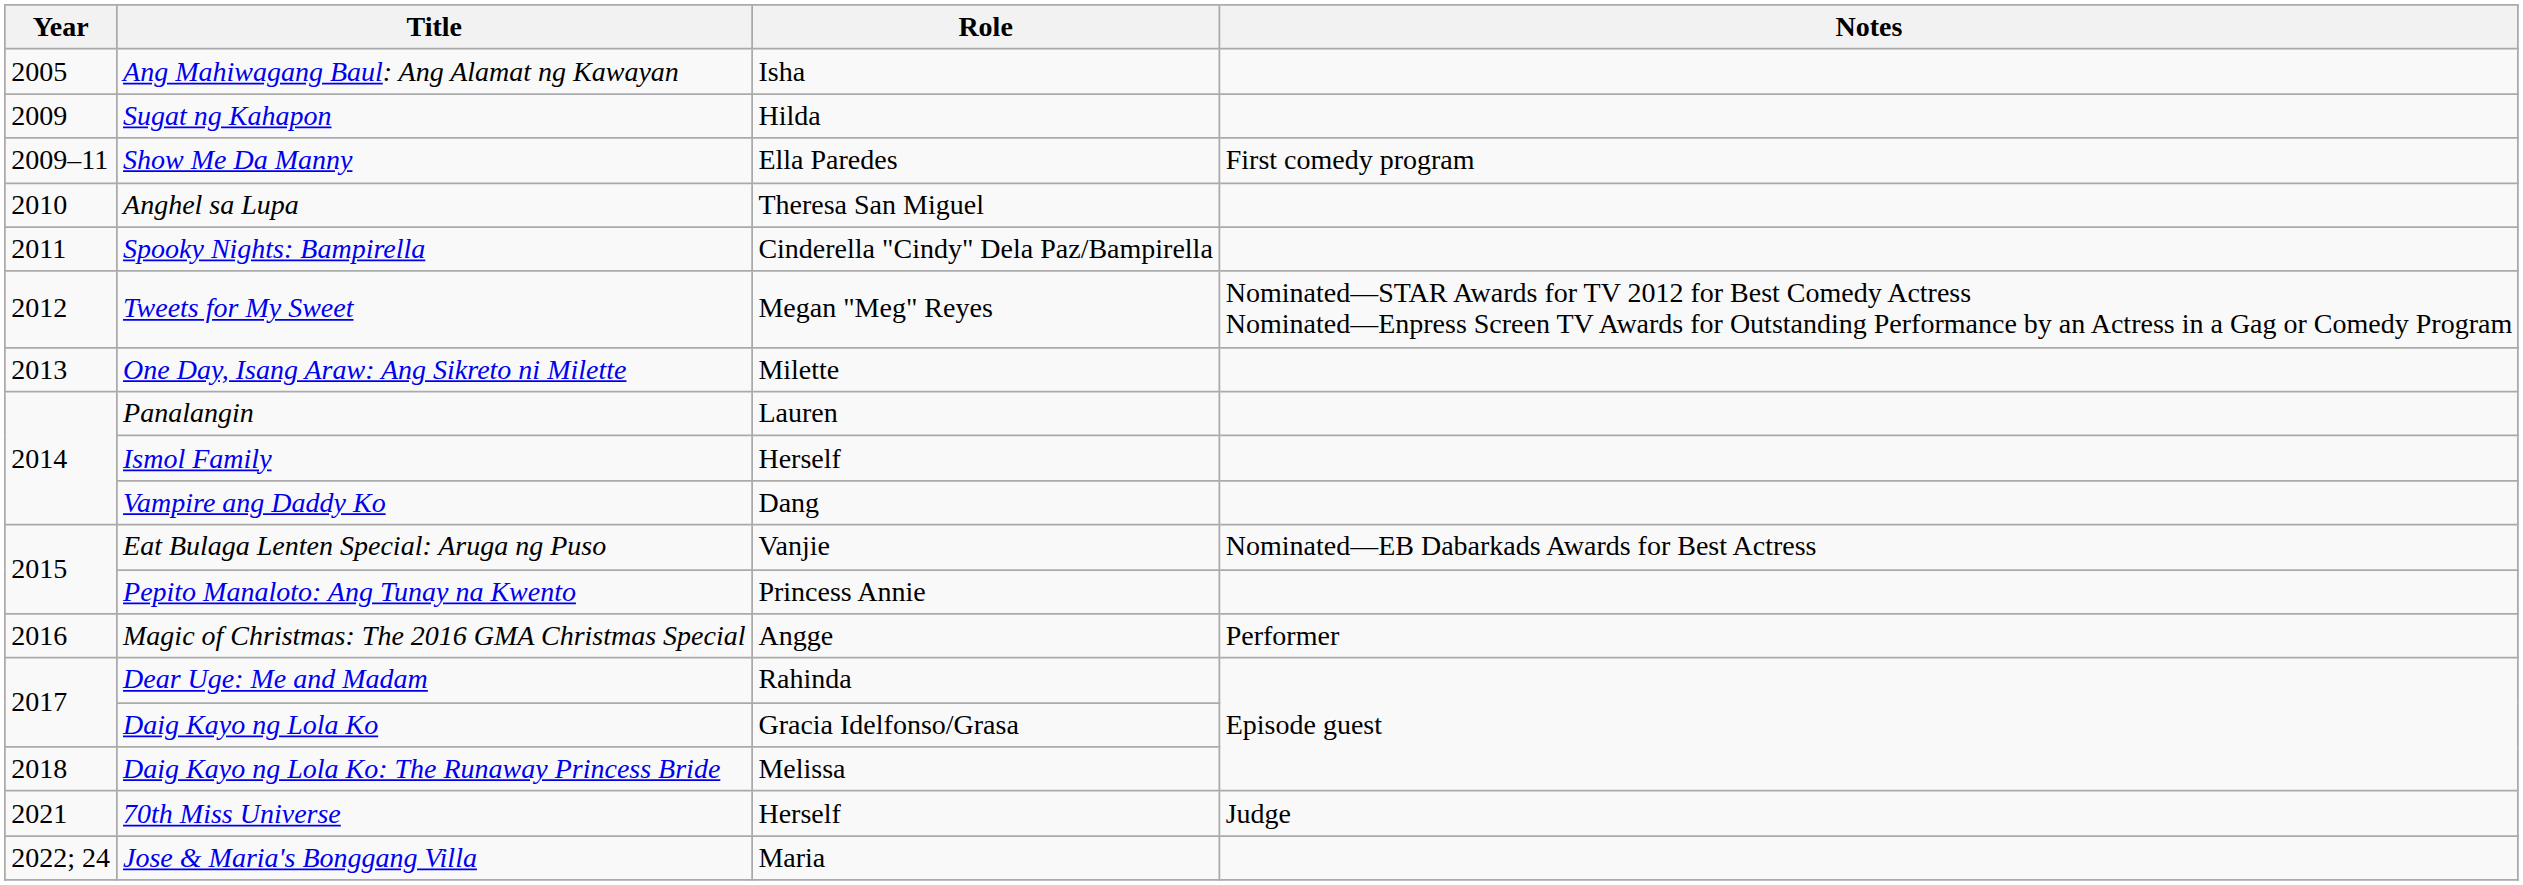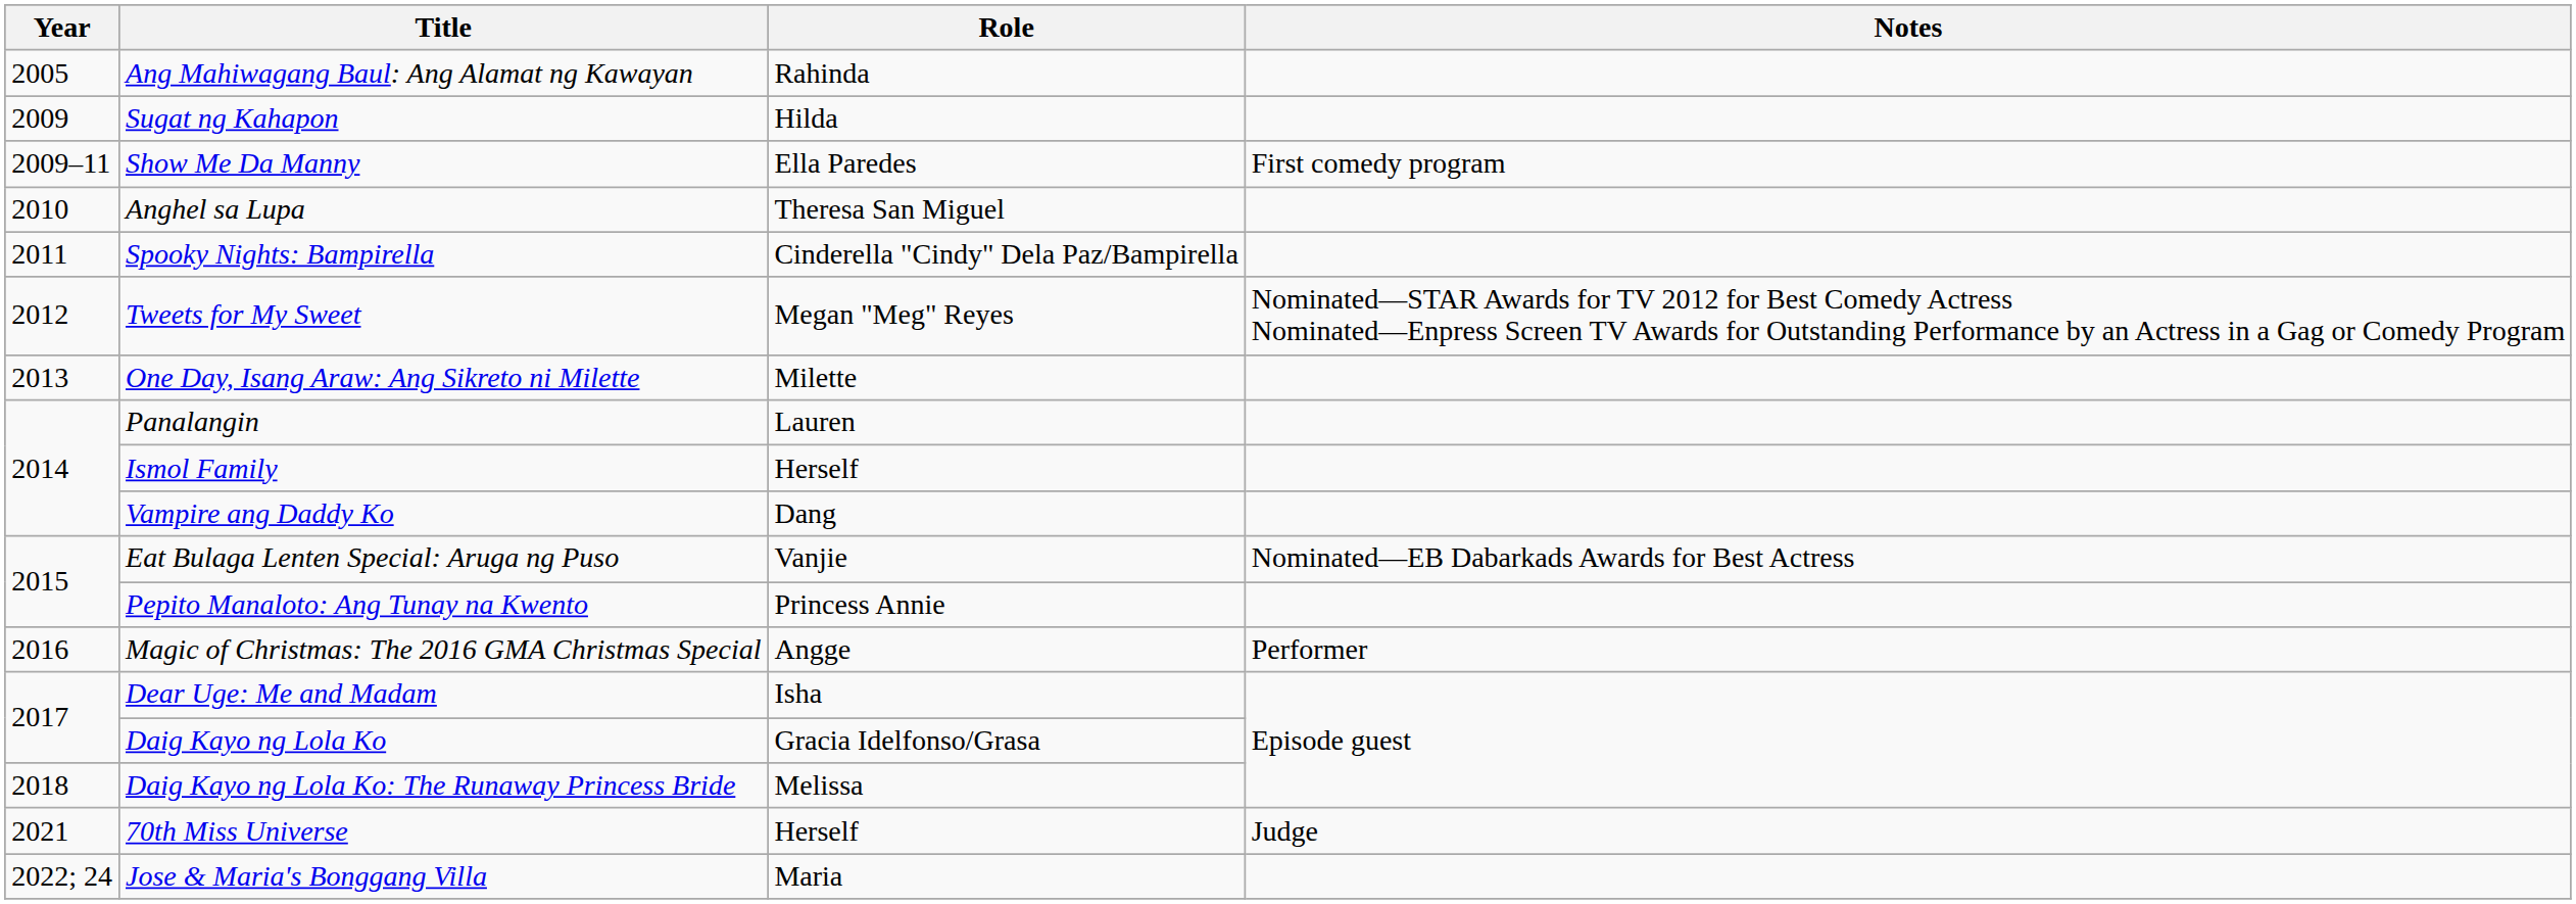 <table class="wikitable sortable">
 <tr>
 <th>Year</th>
 <th>Title</th>
 <th>Role</th>
 <th>Notes</th>
 </tr>
 <tr>
 <td>2005</td>
 <td><em><a href='#'>Ang Mahiwagang Baul</a>: Ang Alamat ng Kawayan</em></td>
-<td>Isha</td>
+<td>Rahinda</td>
 <td></td>
 </tr>
 <tr>
 <td>2009</td>
 <td><em><a href='#'>Sugat ng Kahapon</a></em></td>
 <td>Hilda</td>
 <td></td>
 </tr>
 <tr>
 <td>2009–11</td>
 <td><em><a href='#'>Show Me Da Manny</a></em></td>
 <td>Ella Paredes</td>
 <td>First comedy program</td>
 </tr>
 <tr>
 <td>2010</td>
 <td><em>Anghel sa Lupa</em></td>
 <td>Theresa San Miguel</td>
 <td></td>
 </tr>
 <tr>
 <td>2011</td>
 <td><em><a href='#'>Spooky Nights: Bampirella</a></em></td>
 <td>Cinderella "Cindy" Dela Paz/Bampirella</td>
 <td></td>
 </tr>
 <tr>
 <td>2012</td>
 <td><em><a href='#'>Tweets for My Sweet</a></em></td>
 <td>Megan "Meg" Reyes</td>
 <td>Nominated—STAR Awards for TV 2012 for Best Comedy Actress<br>Nominated—Enpress Screen TV Awards for Outstanding Performance by an Actress in a Gag or Comedy Program</td>
 </tr>
 <tr>
 <td>2013</td>
 <td><em><a href='#'>One Day, Isang Araw: Ang Sikreto ni Milette</a></em></td>
 <td>Milette</td>
 <td></td>
 </tr>
 <tr>
 <td rowspan="3">2014</td>
 <td><em>Panalangin</em></td>
 <td>Lauren</td>
 <td></td>
 </tr>
 <tr>
 <td><em><a href='#'>Ismol Family</a></em></td>
 <td>Herself</td>
 <td></td>
 </tr>
 <tr>
 <td><em><a href='#'>Vampire ang Daddy Ko</a></em></td>
 <td>Dang</td>
 <td></td>
 </tr>
 <tr>
 <td rowspan="2">2015</td>
 <td><em>Eat Bulaga Lenten Special: Aruga ng Puso</em></td>
 <td>Vanjie</td>
 <td>Nominated—EB Dabarkads Awards for Best Actress</td>
 </tr>
 <tr>
 <td><em><a href='#'>Pepito Manaloto: Ang Tunay na Kwento</a></em></td>
 <td>Princess Annie</td>
 <td></td>
 </tr>
 <tr>
 <td>2016</td>
 <td><em>Magic of Christmas: The 2016 GMA Christmas Special</em></td>
 <td>Angge</td>
 <td>Performer</td>
 </tr>
 <tr>
 <td rowspan="2">2017</td>
 <td><em><a href='#'>Dear Uge: Me and Madam</a></em></td>
-<td>Rahinda</td>
+<td>Isha</td>
 <td rowspan="3">Episode guest</td>
 </tr>
 <tr>
 <td><em><a href='#'>Daig Kayo ng Lola Ko</a></em></td>
 <td>Gracia Idelfonso/Grasa</td>
 </tr>
 <tr>
 <td>2018</td>
 <td><em><a href='#'>Daig Kayo ng Lola Ko: The Runaway Princess Bride</a></em></td>
 <td>Melissa</td>
 </tr>
 <tr>
 <td>2021</td>
 <td><em><a href='#'>70th Miss Universe</a></em></td>
 <td>Herself</td>
 <td>Judge</td>
 </tr>
 <tr>
 <td>2022; 24</td>
 <td><em><a href='#'>Jose & Maria's Bonggang Villa</a></em></td>
 <td>Maria</td>
 <td></td>
 </tr>
 </table>
